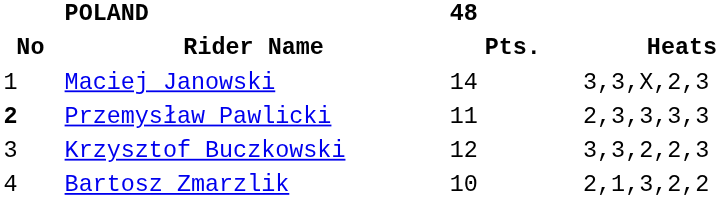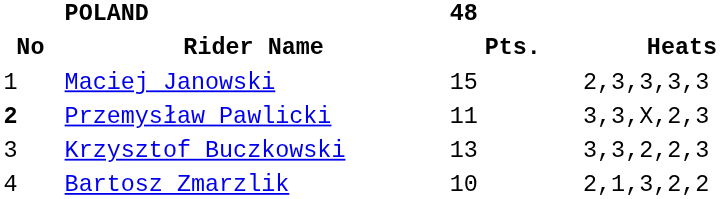 <table class="toccolours">
 <tr>
 <td></td>
 <td><strong>POLAND</strong></td>
 <td><strong>48</strong></td>
 </tr>
 <tr style="background: ">
 <th width=30px>No</th>
 <th width=210px>Rider Name</th>
 <th width=70px>Pts.</th>
 <th width=110px>Heats</th>
 </tr>
 <tr style="background-color:">
 <td>1</td>
 <td><a href='#'>Maciej Janowski</a></td>
-<td>14</td>
-<td>3,3,X,2,3</td>
+<td>15</td>
+<td>2,3,3,3,3</td>
 </tr>
 <tr style="background-color:">
 <td><strong>2</strong></td>
 <td><a href='#'>Przemysław Pawlicki</a></td>
 <td>11</td>
-<td>2,3,3,3,3</td>
+<td>3,3,X,2,3</td>
 </tr>
 <tr style="background-color:">
 <td>3</td>
 <td><a href='#'>Krzysztof Buczkowski</a></td>
-<td>12</td>
+<td>13</td>
 <td>3,3,2,2,3</td>
 </tr>
 <tr style="background-color:">
 <td>4</td>
 <td><a href='#'>Bartosz Zmarzlik</a></td>
 <td>10</td>
 <td>2,1,3,2,2</td>
 </tr>
 </table>
